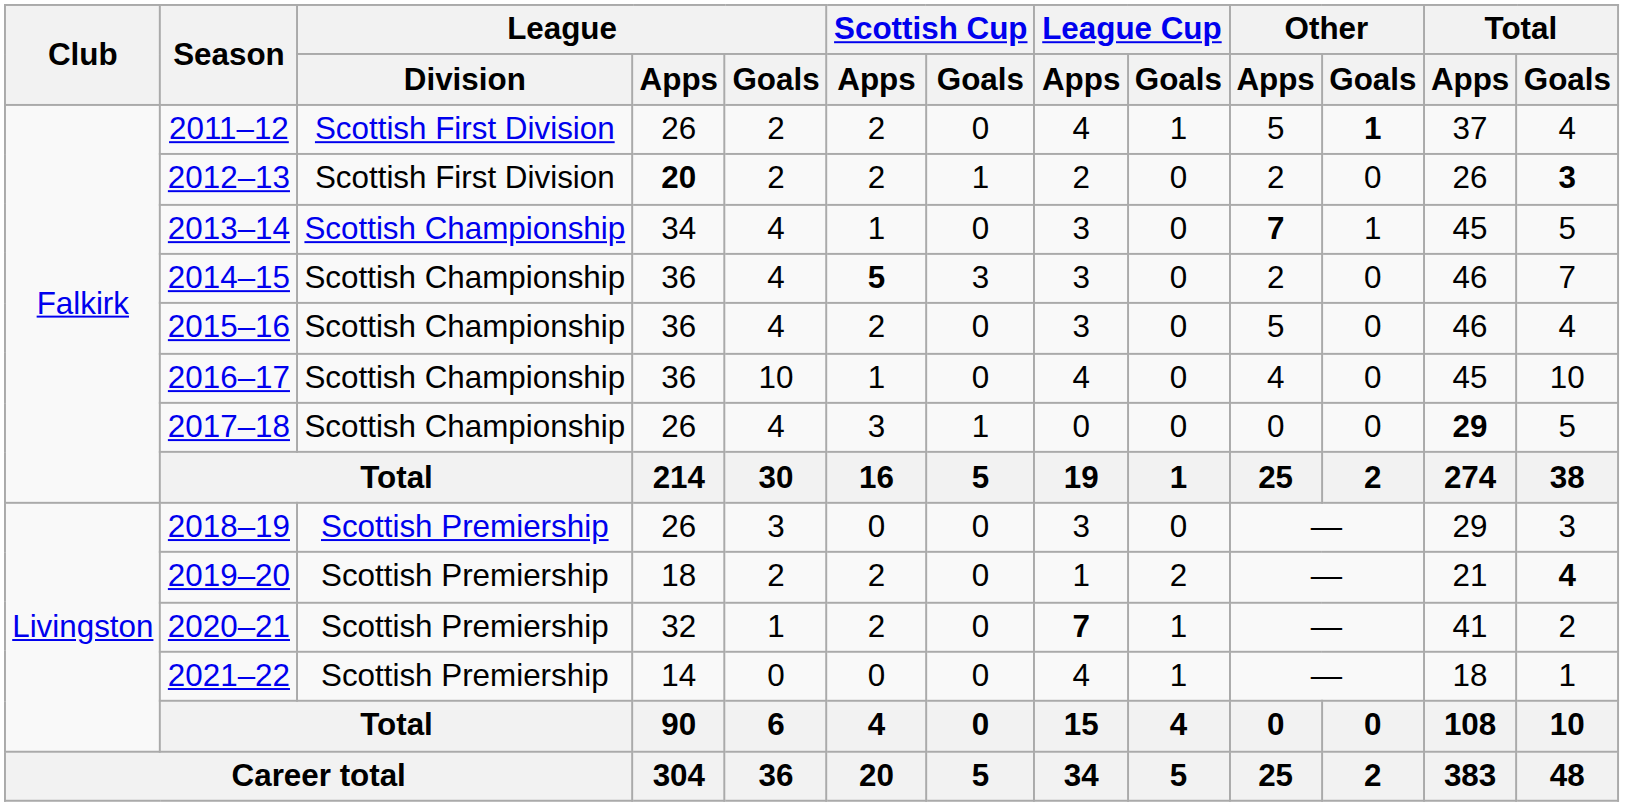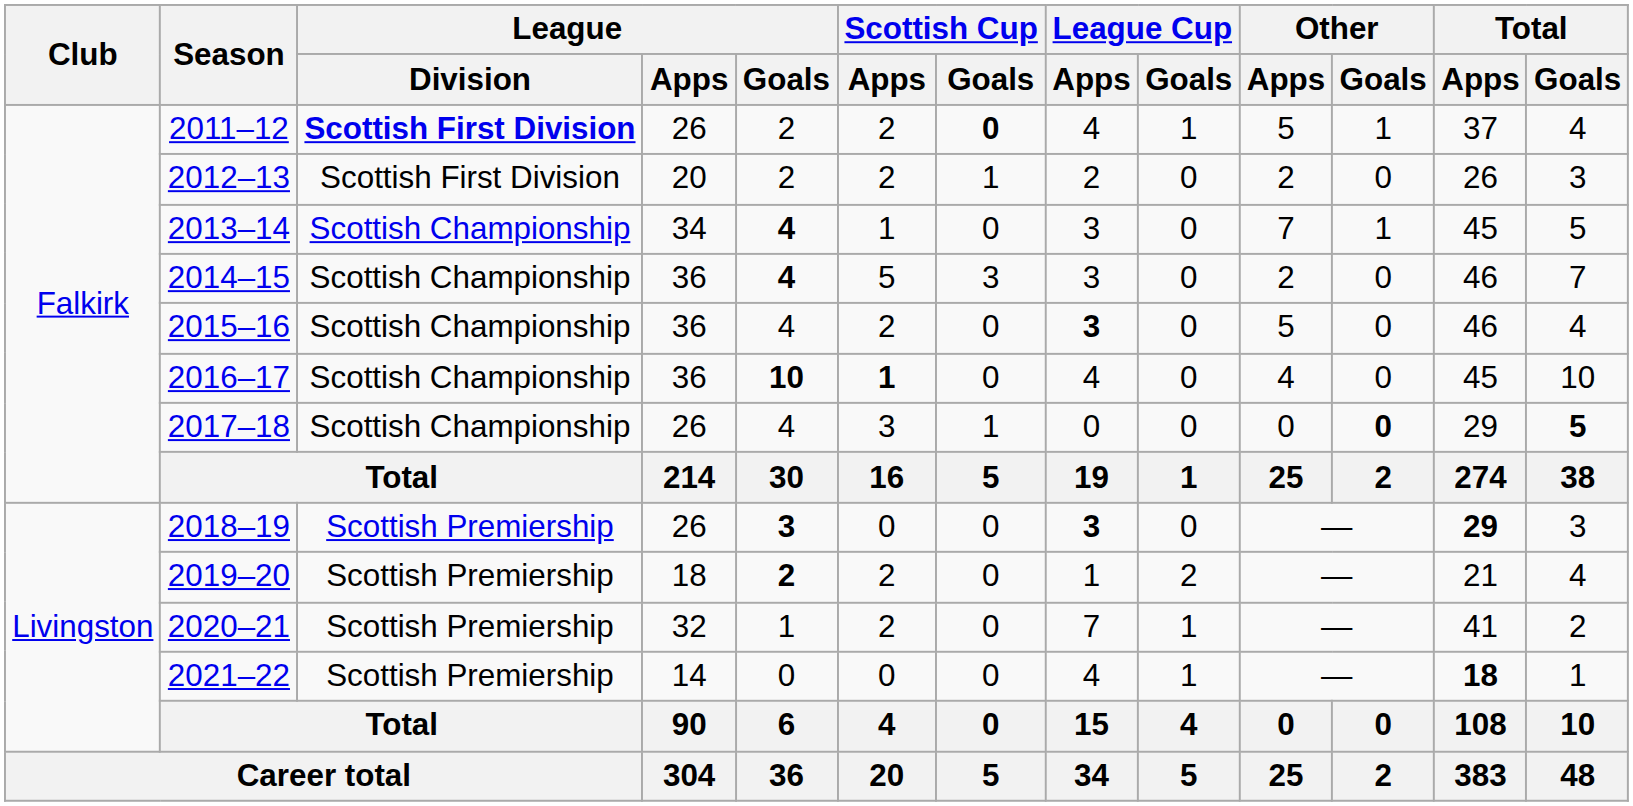 <table class=wikitable style=text-align:center>
 <tr>
 <th rowspan=2>Club</th>
 <th rowspan=2>Season</th>
 <th colspan=3>League</th>
 <th colspan=2><a href='#'>Scottish Cup</a></th>
 <th colspan=2><a href='#'>League Cup</a></th>
 <th colspan=2>Other</th>
 <th colspan=2>Total</th>
 </tr>
 <tr>
 <th>Division</th>
 <th>Apps</th>
 <th>Goals</th>
 <th>Apps</th>
 <th>Goals</th>
 <th>Apps</th>
 <th>Goals</th>
 <th>Apps</th>
 <th>Goals</th>
 <th>Apps</th>
 <th>Goals</th>
 </tr>
 <tr>
 <td rowspan=8><a href='#'>Falkirk</a></td>
 <td><a href='#'>2011–12</a></td>
-<td><a href='#'>Scottish First Division</a></td>
+<td><strong><a href='#'>Scottish First Division</a></strong></td>
 <td>26</td>
 <td>2</td>
 <td>2</td>
-<td>0</td>
+<td><strong>0</strong></td>
 <td>4</td>
 <td>1</td>
 <td>5</td>
-<td><strong>1</strong></td>
+<td>1</td>
 <td>37</td>
 <td>4</td>
 </tr>
 <tr>
 <td><a href='#'>2012–13</a></td>
 <td>Scottish First Division</td>
-<td><strong>20</strong></td>
+<td>20</td>
 <td>2</td>
 <td>2</td>
 <td>1</td>
 <td>2</td>
 <td>0</td>
 <td>2</td>
 <td>0</td>
 <td>26</td>
-<td><strong>3</strong></td>
+<td>3</td>
 </tr>
 <tr>
 <td><a href='#'>2013–14</a></td>
 <td><a href='#'>Scottish Championship</a></td>
 <td>34</td>
-<td>4</td>
+<td><strong>4</strong></td>
 <td>1</td>
 <td>0</td>
 <td>3</td>
 <td>0</td>
-<td><strong>7</strong></td>
+<td>7</td>
 <td>1</td>
 <td>45</td>
 <td>5</td>
 </tr>
 <tr>
 <td><a href='#'>2014–15</a></td>
 <td>Scottish Championship</td>
 <td>36</td>
-<td>4</td>
-<td><strong>5</strong></td>
+<td><strong>4</strong></td>
+<td>5</td>
 <td>3</td>
 <td>3</td>
 <td>0</td>
 <td>2</td>
 <td>0</td>
 <td>46</td>
 <td>7</td>
 </tr>
 <tr>
 <td><a href='#'>2015–16</a></td>
 <td>Scottish Championship</td>
 <td>36</td>
 <td>4</td>
 <td>2</td>
 <td>0</td>
-<td>3</td>
+<td><strong>3</strong></td>
 <td>0</td>
 <td>5</td>
 <td>0</td>
 <td>46</td>
 <td>4</td>
 </tr>
 <tr>
 <td><a href='#'>2016–17</a></td>
 <td>Scottish Championship</td>
 <td>36</td>
-<td>10</td>
-<td>1</td>
+<td><strong>10</strong></td>
+<td><strong>1</strong></td>
 <td>0</td>
 <td>4</td>
 <td>0</td>
 <td>4</td>
 <td>0</td>
 <td>45</td>
 <td>10</td>
 </tr>
 <tr>
 <td><a href='#'>2017–18</a></td>
 <td>Scottish Championship</td>
 <td>26</td>
 <td>4</td>
 <td>3</td>
 <td>1</td>
 <td>0</td>
 <td>0</td>
 <td>0</td>
-<td>0</td>
-<td><strong>29</strong></td>
-<td>5</td>
+<td><strong>0</strong></td>
+<td>29</td>
+<td><strong>5</strong></td>
 </tr>
 <tr>
 <th colspan=2>Total</th>
 <th>214</th>
 <th>30</th>
 <th>16</th>
 <th>5</th>
 <th>19</th>
 <th>1</th>
 <th>25</th>
 <th>2</th>
 <th>274</th>
 <th>38</th>
 </tr>
 <tr>
 <td rowspan=5><a href='#'>Livingston</a></td>
 <td><a href='#'>2018–19</a></td>
 <td><a href='#'>Scottish Premiership</a></td>
 <td>26</td>
-<td>3</td>
+<td><strong>3</strong></td>
 <td>0</td>
 <td>0</td>
-<td>3</td>
+<td><strong>3</strong></td>
 <td>0</td>
 <td colspan=2>—</td>
-<td>29</td>
+<td><strong>29</strong></td>
 <td>3</td>
 </tr>
 <tr>
 <td><a href='#'>2019–20</a></td>
 <td>Scottish Premiership</td>
 <td>18</td>
-<td>2</td>
+<td><strong>2</strong></td>
 <td>2</td>
 <td>0</td>
 <td>1</td>
 <td>2</td>
 <td colspan=2>—</td>
 <td>21</td>
-<td><strong>4</strong></td>
+<td>4</td>
 </tr>
 <tr>
 <td><a href='#'>2020–21</a></td>
 <td>Scottish Premiership</td>
 <td>32</td>
 <td>1</td>
 <td>2</td>
 <td>0</td>
-<td><strong>7</strong></td>
+<td>7</td>
 <td>1</td>
 <td colspan=2>—</td>
 <td>41</td>
 <td>2</td>
 </tr>
 <tr>
 <td><a href='#'>2021–22</a></td>
 <td>Scottish Premiership</td>
 <td>14</td>
 <td>0</td>
 <td>0</td>
 <td>0</td>
 <td>4</td>
 <td>1</td>
 <td colspan=2>—</td>
-<td>18</td>
+<td><strong>18</strong></td>
 <td>1</td>
 </tr>
 <tr>
 <th colspan=2>Total</th>
 <th>90</th>
 <th>6</th>
 <th>4</th>
 <th>0</th>
 <th>15</th>
 <th>4</th>
 <th>0</th>
 <th>0</th>
 <th>108</th>
 <th>10</th>
 </tr>
 <tr>
 <th colspan=3>Career total</th>
 <th>304</th>
 <th>36</th>
 <th>20</th>
 <th>5</th>
 <th>34</th>
 <th>5</th>
 <th>25</th>
 <th>2</th>
 <th>383</th>
 <th>48</th>
 </tr>
 </table>
